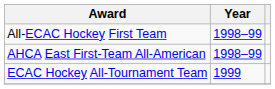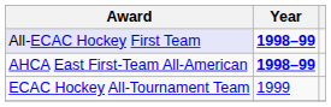 <table class="wikitable">
 <tr>
 <th>Award</th>
 <th>Year</th>
 <th></th>
 </tr>
 <tr>
-<td>All-<a href='#'>ECAC Hockey</a> <a href='#'>First Team</a></td>
-<td><a href='#'>1998–99</a></td>
+<td style="background: lavender;">All-<a href='#'>ECAC Hockey</a> <a href='#'>First Team</a></td>
+<td><strong><a href='#'>1998–99</a></strong></td>
 <td></td>
 </tr>
 <tr>
 <td><a href='#'>AHCA</a> <a href='#'>East First-Team All-American</a></td>
-<td><a href='#'>1998–99</a></td>
+<td><strong><a href='#'>1998–99</a></strong></td>
 <td></td>
 </tr>
 <tr>
 <td><a href='#'>ECAC Hockey</a> <a href='#'>All-Tournament Team</a></td>
 <td><a href='#'>1999</a></td>
 <td></td>
 </tr>
 <tr>
 </tr>
 </table>
